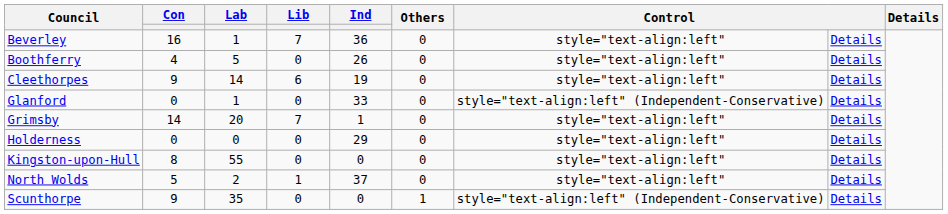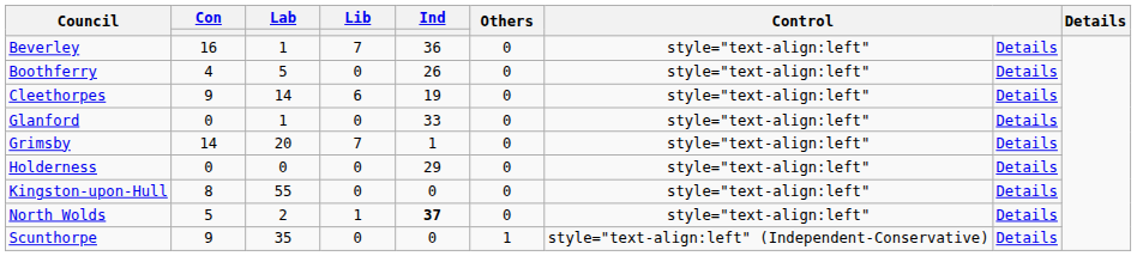 <table class="wikitable" style="text-align:center;">
 <tr>
 <th rowspan=2>Council</th>
 <th style="width:60px;"><a href='#'>Con</a></th>
 <th style="width:60px;"><a href='#'>Lab</a></th>
 <th style="width:60px;"><a href='#'>Lib</a></th>
 <th style="width:60px;"><a href='#'>Ind</a></th>
 <th style="width:60px;" rowspan=2>Others</th>
 <th rowspan=2 colspan=2>Control</th>
 <th rowspan=2>Details</th>
 </tr>
 <tr>
 <th style="background:"></th>
 <th style="background:"></th>
 <th style="background:"></th>
 <th style="background:"></th>
 </tr>
 <tr>
 <td style="text-align:left"><a href='#'>Beverley</a></td>
 <td>16</td>
 <td>1</td>
 <td>7</td>
 <td>36</td>
 <td>0</td>
 <td>style="text-align:left" </td>
 <td style="text-align:left"><a href='#'>Details</a></td>
 </tr>
 <tr>
 <td style="text-align:left"><a href='#'>Boothferry</a></td>
 <td>4</td>
 <td>5</td>
 <td>0</td>
 <td>26</td>
 <td>0</td>
 <td>style="text-align:left" </td>
 <td style="text-align:left"><a href='#'>Details</a></td>
 </tr>
 <tr>
 <td style="text-align:left"><a href='#'>Cleethorpes</a></td>
 <td>9</td>
 <td>14</td>
 <td>6</td>
 <td>19</td>
 <td>0</td>
 <td>style="text-align:left" </td>
 <td style="text-align:left"><a href='#'>Details</a></td>
 </tr>
 <tr>
 <td style="text-align:left"><a href='#'>Glanford</a></td>
 <td>0</td>
 <td>1</td>
 <td>0</td>
 <td>33</td>
 <td>0</td>
-<td>style="text-align:left"  (Independent-Conservative)</td>
+<td>style="text-align:left" </td>
 <td style="text-align:left"><a href='#'>Details</a></td>
 </tr>
 <tr>
 <td style="text-align:left"><a href='#'>Grimsby</a></td>
 <td>14</td>
 <td>20</td>
 <td>7</td>
 <td>1</td>
 <td>0</td>
 <td>style="text-align:left" </td>
 <td style="text-align:left"><a href='#'>Details</a></td>
 </tr>
 <tr>
 <td style="text-align:left"><a href='#'>Holderness</a></td>
 <td>0</td>
 <td>0</td>
 <td>0</td>
 <td>29</td>
 <td>0</td>
 <td>style="text-align:left" </td>
 <td style="text-align:left"><a href='#'>Details</a></td>
 </tr>
 <tr>
 <td style="text-align:left"><a href='#'>Kingston-upon-Hull</a></td>
 <td>8</td>
 <td>55</td>
 <td>0</td>
 <td>0</td>
 <td>0</td>
 <td>style="text-align:left" </td>
 <td style="text-align:left"><a href='#'>Details</a></td>
 </tr>
 <tr>
 <td style="text-align:left"><a href='#'>North Wolds</a></td>
 <td>5</td>
 <td>2</td>
 <td>1</td>
-<td>37</td>
+<td><strong>37</strong></td>
 <td>0</td>
 <td>style="text-align:left" </td>
 <td style="text-align:left"><a href='#'>Details</a></td>
 </tr>
 <tr>
 <td style="text-align:left"><a href='#'>Scunthorpe</a></td>
 <td>9</td>
 <td>35</td>
 <td>0</td>
 <td>0</td>
 <td>1</td>
 <td>style="text-align:left"  (Independent-Conservative)</td>
 <td style="text-align:left"><a href='#'>Details</a></td>
 </tr>
 </table>
